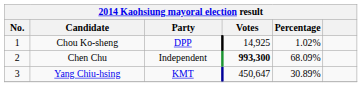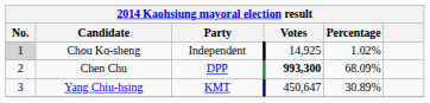 <table class="wikitable sortable mw-collapsible collapsible" style="text-align:center">
 <tr>
 <th colspan="6"><a href='#'>2014 Kaohsiung mayoral election</a> result</th>
 </tr>
 <tr>
 <th width="35">No.</th>
 <th width="180">Candidate</th>
 <th width="120">Party</th>
 <th width="75">Votes</th>
 <th width="75">Percentage</th>
 <th width="49"></th>
 </tr>
 <tr>
-<td>1</td>
+<td style="background: lightgrey;">1</td>
 <td>Chou Ko-sheng</td>
-<td><a href='#'>DPP</a></td>
+<td>Independent</td>
 <td style="border-left:4px solid #000000;" align="right">14,925</td>
 <td align="right">1.02%</td>
 <td align="center"></td>
 </tr>
 <tr>
 <td>2</td>
 <td>Chen Chu</td>
-<td>Independent</td>
+<td><a href='#'>DPP</a></td>
 <td style="border-left:4px solid #1B9431;" align="right"><strong>993,300</strong></td>
 <td align="right">68.09%</td>
 <td><div></div></td>
 </tr>
 <tr>
 <td>3</td>
 <td><a href='#'>Yang Chiu-hsing</a></td>
 <td><a href='#'>KMT</a></td>
 <td style="border-left:4px solid #000099;" align="right">450,647</td>
 <td align="right">30.89%</td>
 <td align="center"></td>
 </tr>
 <tr bgcolor="EEEEEE">
 </tr>
 </table>
